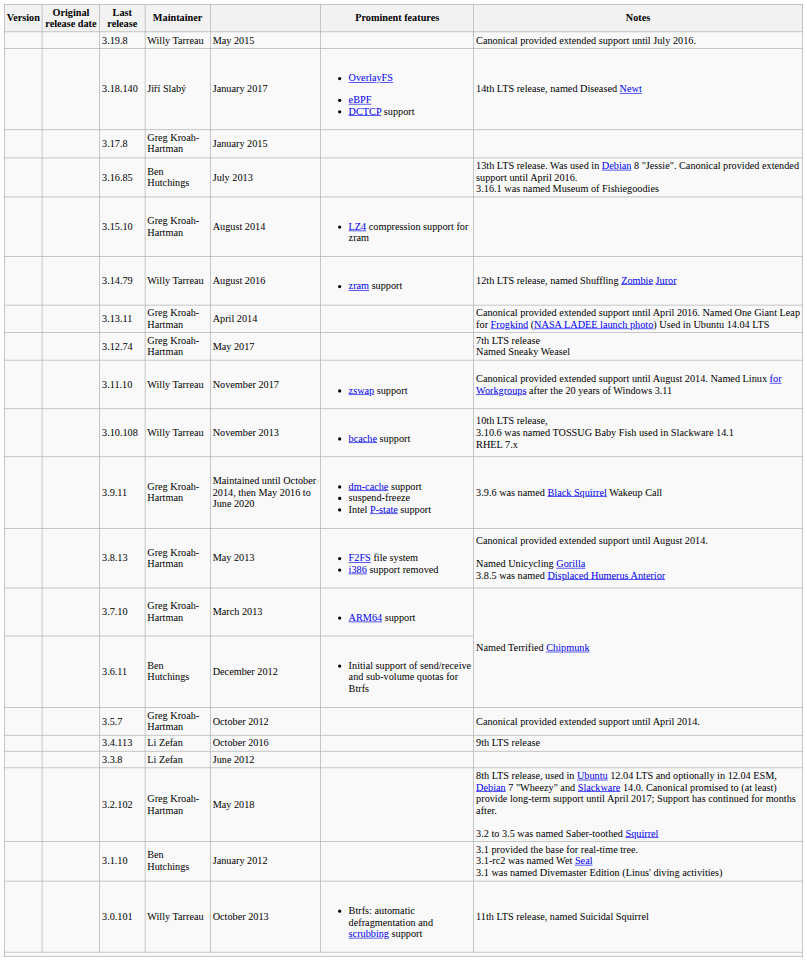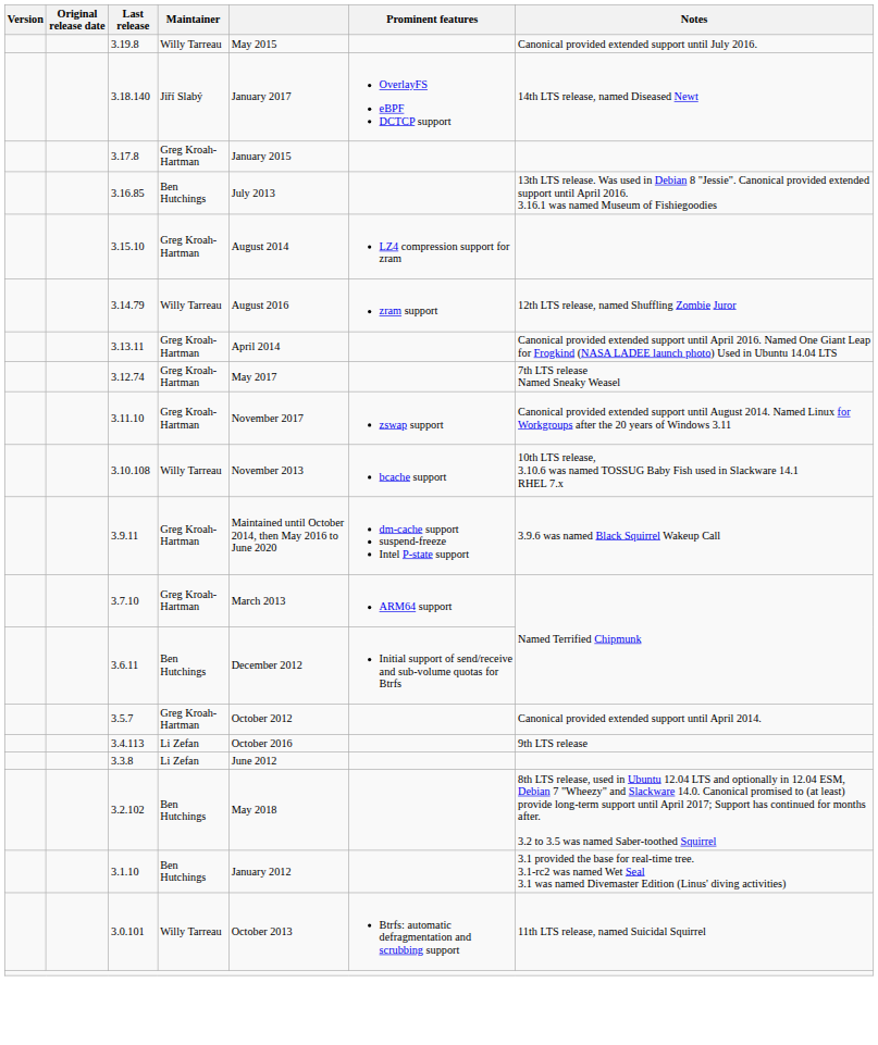 <table class="wikitable mw-collapsible">
 <tr>
 <th>Version</th>
 <th>Original release date</th>
 <th>Last release</th>
 <th>Maintainer</th>
 <th></th>
 <th>Prominent features</th>
 <th>Notes</th>
 </tr>
 <tr>
 <td></td>
 <td></td>
 <td>3.19.8</td>
 <td>Willy Tarreau </td>
 <td>May 2015</td>
 <td></td>
 <td>Canonical provided extended support until July 2016.</td>
 </tr>
 <tr>
 <td></td>
 <td></td>
 <td>3.18.140</td>
 <td>Jiří Slabý </td>
 <td>January 2017</td>
 <td><br><ul><li><a href='#'>OverlayFS</a></li></ul><ul><li><a href='#'>eBPF</a></li><li><a href='#'>DCTCP</a> support</li></ul></td>
 <td>14th LTS release, named Diseased <a href='#'>Newt</a><br></td>
 </tr>
 <tr>
 <td></td>
 <td></td>
 <td>3.17.8</td>
 <td>Greg Kroah-Hartman</td>
 <td>January 2015</td>
 <td></td>
 </tr>
 <tr>
 <td></td>
 <td></td>
 <td>3.16.85</td>
 <td>Ben Hutchings </td>
 <td>July 2013</td>
 <td></td>
 <td>13th LTS release. Was used in <a href='#'>Debian</a> 8 "Jessie". Canonical provided extended support until April 2016.<br>3.16.1 was named Museum of Fishiegoodies</td>
 </tr>
 <tr>
 <td></td>
 <td></td>
 <td>3.15.10</td>
 <td>Greg Kroah-Hartman</td>
 <td>August 2014</td>
 <td><br><ul><li><a href='#'>LZ4</a> compression support for zram</li></ul></td>
 </tr>
 <tr>
 <td></td>
 <td></td>
 <td>3.14.79</td>
 <td>Willy Tarreau </td>
 <td>August 2016</td>
 <td><br><ul><li><a href='#'>zram</a> support</li></ul></td>
 <td>12th LTS release, named Shuffling <a href='#'>Zombie</a> <a href='#'>Juror</a></td>
 </tr>
 <tr>
 <td></td>
 <td></td>
 <td>3.13.11</td>
 <td>Greg Kroah-Hartman</td>
 <td>April 2014</td>
 <td></td>
 <td>Canonical provided extended support until April 2016. Named One Giant Leap for <a href='#'>Frogkind</a> (<a href='#'>NASA LADEE launch photo</a>) Used in Ubuntu 14.04 LTS</td>
 </tr>
 <tr>
 <td></td>
 <td></td>
 <td>3.12.74</td>
 <td>Greg Kroah-Hartman</td>
 <td>May 2017</td>
 <td></td>
 <td>7th LTS release<br> Named Sneaky Weasel</td>
 </tr>
 <tr>
 <td></td>
 <td></td>
 <td>3.11.10</td>
-<td>Willy Tarreau </td>
+<td>Greg Kroah-Hartman</td>
 <td>November 2017</td>
 <td><br><ul><li><a href='#'>zswap</a> support</li></ul></td>
 <td>Canonical provided extended support until August 2014. Named Linux <a href='#'>for Workgroups</a> after the 20 years of Windows 3.11</td>
 </tr>
 <tr>
 <td></td>
 <td></td>
 <td>3.10.108</td>
 <td>Willy Tarreau </td>
 <td>November 2013</td>
 <td><br><ul><li><a href='#'>bcache</a> support</li></ul></td>
 <td>10th LTS release,<br>3.10.6 was named TOSSUG Baby Fish used in Slackware 14.1<br>RHEL 7.x</td>
 </tr>
 <tr>
 <td></td>
 <td></td>
 <td>3.9.11</td>
 <td>Greg Kroah-Hartman</td>
 <td>Maintained until October 2014, then May 2016 to June 2020</td>
 <td><br><ul><li><a href='#'>dm-cache</a> support</li><li>suspend-freeze</li><li>Intel <a href='#'>P-state</a> support</li></ul></td>
 <td>3.9.6 was named <a href='#'>Black Squirrel</a> Wakeup Call</td>
-</tr>
-<tr>
-<td></td>
-<td></td>
-<td>3.8.13</td>
-<td>Greg Kroah-Hartman</td>
-<td>May 2013</td>
-<td><br><ul><li><a href='#'>F2FS</a> file system</li><li><a href='#'>i386</a> support removed</li></ul></td>
-<td>Canonical provided extended support until August 2014.<br><br>Named Unicycling <a href='#'>Gorilla</a><br> 3.8.5 was named <a href='#'>Displaced Humerus Anterior</a><br></td>
 </tr>
 <tr>
 <td></td>
 <td></td>
 <td>3.7.10</td>
 <td>Greg Kroah-Hartman</td>
 <td>March 2013</td>
 <td><br><ul><li><a href='#'>ARM64</a> support</li></ul></td>
 <td rowspan="2">Named Terrified <a href='#'>Chipmunk</a></td>
 </tr>
 <tr>
 <td></td>
 <td></td>
 <td>3.6.11</td>
 <td>Ben Hutchings</td>
 <td>December 2012</td>
 <td><br><ul><li>Initial support of send/receive and sub-volume quotas for Btrfs</li></ul></td>
 </tr>
 <tr>
 <td></td>
 <td></td>
 <td>3.5.7</td>
 <td>Greg Kroah-Hartman</td>
 <td>October 2012</td>
 <td></td>
 <td>Canonical provided extended support until April 2014.</td>
 </tr>
 <tr>
 <td></td>
 <td></td>
 <td>3.4.113</td>
 <td>Li Zefan </td>
 <td>October 2016</td>
 <td></td>
 <td>9th LTS release</td>
 </tr>
 <tr>
 <td></td>
 <td></td>
 <td>3.3.8</td>
 <td>Li Zefan </td>
 <td>June 2012</td>
 <td></td>
 </tr>
 <tr>
 <td></td>
 <td></td>
 <td>3.2.102</td>
-<td>Greg Kroah-Hartman</td>
+<td>Ben Hutchings</td>
 <td>May 2018</td>
 <td></td>
 <td>8th LTS release, used in <a href='#'>Ubuntu</a> 12.04 LTS and optionally in 12.04 ESM, <a href='#'>Debian</a> 7 "Wheezy" and <a href='#'>Slackware</a> 14.0. Canonical promised to (at least) provide long-term support until April 2017; Support has continued for months after.<br><br>3.2 to 3.5 was named Saber-toothed <a href='#'>Squirrel</a></td>
 </tr>
 <tr>
 <td></td>
 <td></td>
 <td>3.1.10</td>
 <td>Ben Hutchings </td>
 <td>January 2012</td>
 <td></td>
 <td>3.1 provided the base for real-time tree.<br>3.1-rc2 was named Wet <a href='#'>Seal</a><br>3.1 was named Divemaster Edition (Linus' diving activities)</td>
 </tr>
 <tr>
 <td></td>
 <td></td>
 <td>3.0.101</td>
 <td>Willy Tarreau </td>
 <td>October 2013</td>
 <td><br><ul><li>Btrfs: automatic defragmentation and <a href='#'>scrubbing</a> support</li></ul></td>
 <td>11th LTS release, named Suicidal Squirrel</td>
 </tr>
 <tr>
 <td colspan="7"><small></small></td>
 </tr>
 </table>
